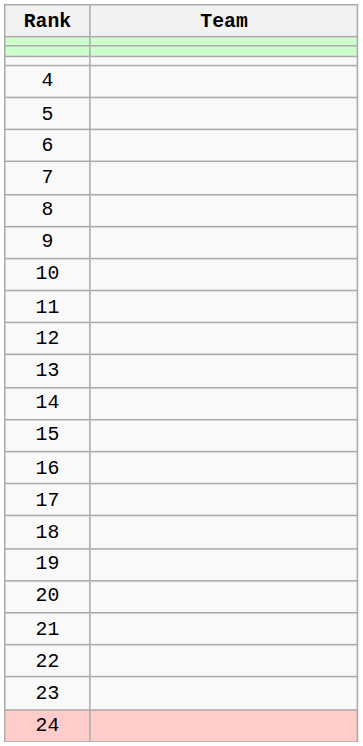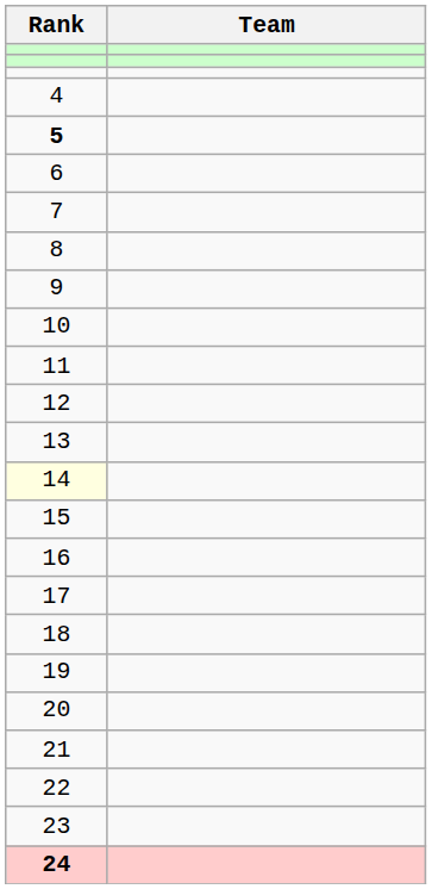 <table class="wikitable" style="text-align: center">
 <tr>
 <th width=50>Rank</th>
 <th width=170>Team</th>
 </tr>
 <tr bgcolor=#ccffcc>
 <td></td>
 <td align=left></td>
 </tr>
 <tr bgcolor=#ccffcc>
 <td></td>
 <td align=left></td>
 </tr>
 <tr>
 <td></td>
 <td align=left></td>
 </tr>
 <tr>
 <td>4</td>
 <td align=left></td>
 </tr>
 <tr>
-<td>5</td>
+<td><strong>5</strong></td>
 <td align=left></td>
 </tr>
 <tr>
 <td>6</td>
 <td align=left></td>
 </tr>
 <tr>
 <td>7</td>
 <td align=left></td>
 </tr>
 <tr>
 <td>8</td>
 <td align=left></td>
 </tr>
 <tr>
 <td>9</td>
 <td align=left></td>
 </tr>
 <tr>
 <td>10</td>
 <td align=left></td>
 </tr>
 <tr>
 <td>11</td>
 <td align=left></td>
 </tr>
 <tr>
 <td>12</td>
 <td align=left></td>
 </tr>
 <tr>
 <td>13</td>
 <td align=left></td>
 </tr>
 <tr>
-<td>14</td>
+<td style="background: lightyellow;">14</td>
 <td align=left></td>
 </tr>
 <tr>
 <td>15</td>
 <td align=left></td>
 </tr>
 <tr>
 <td>16</td>
 <td align=left></td>
 </tr>
 <tr>
 <td>17</td>
 <td align=left></td>
 </tr>
 <tr>
 <td>18</td>
 <td align=left></td>
 </tr>
 <tr>
 <td>19</td>
 <td align=left></td>
 </tr>
 <tr>
 <td>20</td>
 <td align=left></td>
 </tr>
 <tr>
 <td>21</td>
 <td align=left></td>
 </tr>
 <tr>
 <td>22</td>
 <td align=left></td>
 </tr>
 <tr>
 <td>23</td>
 <td align=left></td>
 </tr>
 <tr bgcolor=#ffcccc>
-<td>24</td>
+<td><strong>24</strong></td>
 <td align=left></td>
 </tr>
 </table>
